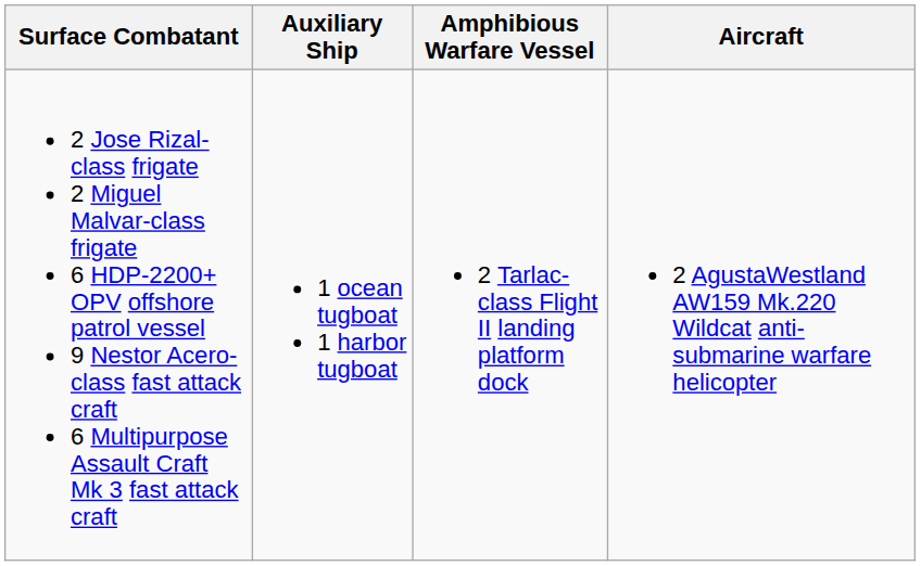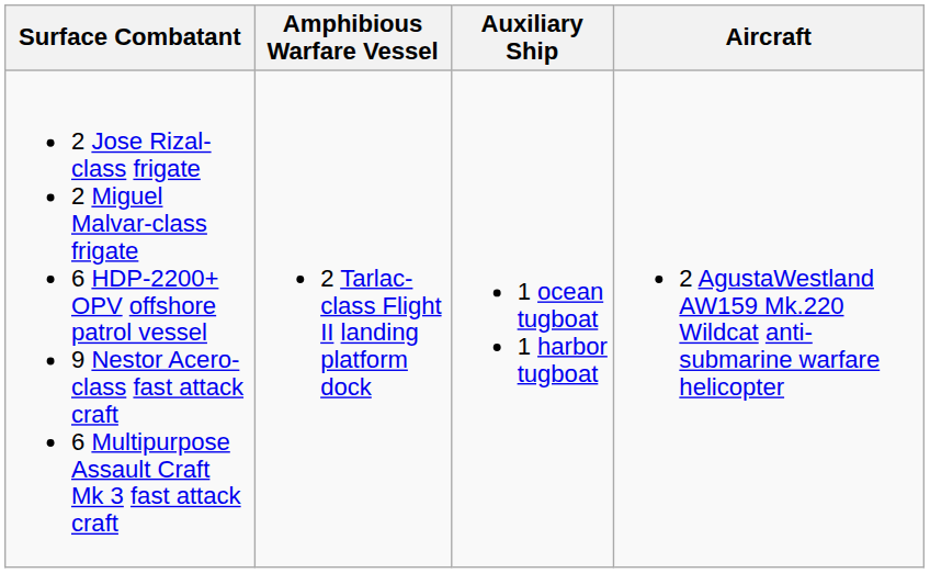 <table class="wikitable">
 <tr>
 <th>Surface Combatant</th>
+<th>Amphibious Warfare Vessel</th>
 <th>Auxiliary Ship</th>
-<th>Amphibious Warfare Vessel</th>
 <th>Aircraft</th>
 </tr>
 <tr>
 <td><br><ul><li>2 <a href='#'>Jose Rizal-class</a> <a href='#'>frigate</a></li><li>2 <a href='#'>Miguel Malvar-class</a> <a href='#'>frigate</a></li><li>6 <a href='#'>HDP-2200+ OPV</a> <a href='#'>offshore patrol vessel</a></li><li>9 <a href='#'>Nestor Acero-class</a> <a href='#'>fast attack craft</a></li><li>6 <a href='#'>Multipurpose Assault Craft Mk 3</a> <a href='#'>fast attack craft</a></li></ul></td>
+<td><br><ul><li>2 <a href='#'>Tarlac-class Flight II</a> <a href='#'>landing platform dock</a></li></ul></td>
 <td><br><ul><li>1 <a href='#'>ocean tugboat</a></li><li>1 <a href='#'>harbor tugboat</a></li></ul></td>
-<td><br><ul><li>2 <a href='#'>Tarlac-class Flight II</a> <a href='#'>landing platform dock</a></li></ul></td>
 <td><br><ul><li>2 <a href='#'>AgustaWestland AW159 Mk.220 Wildcat</a> <a href='#'>anti-submarine warfare helicopter</a></li></ul></td>
 </tr>
 </table>
